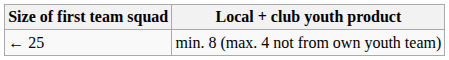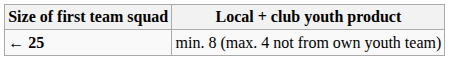 <table class="wikitable">
 <tr>
 <th>Size of first team squad</th>
 <th>Local + club youth product</th>
 </tr>
 <tr>
-<td>← 25</td>
+<td><strong>← 25</strong></td>
 <td>min. 8 (max. 4 not from own youth team)</td>
 </tr>
 </table>
